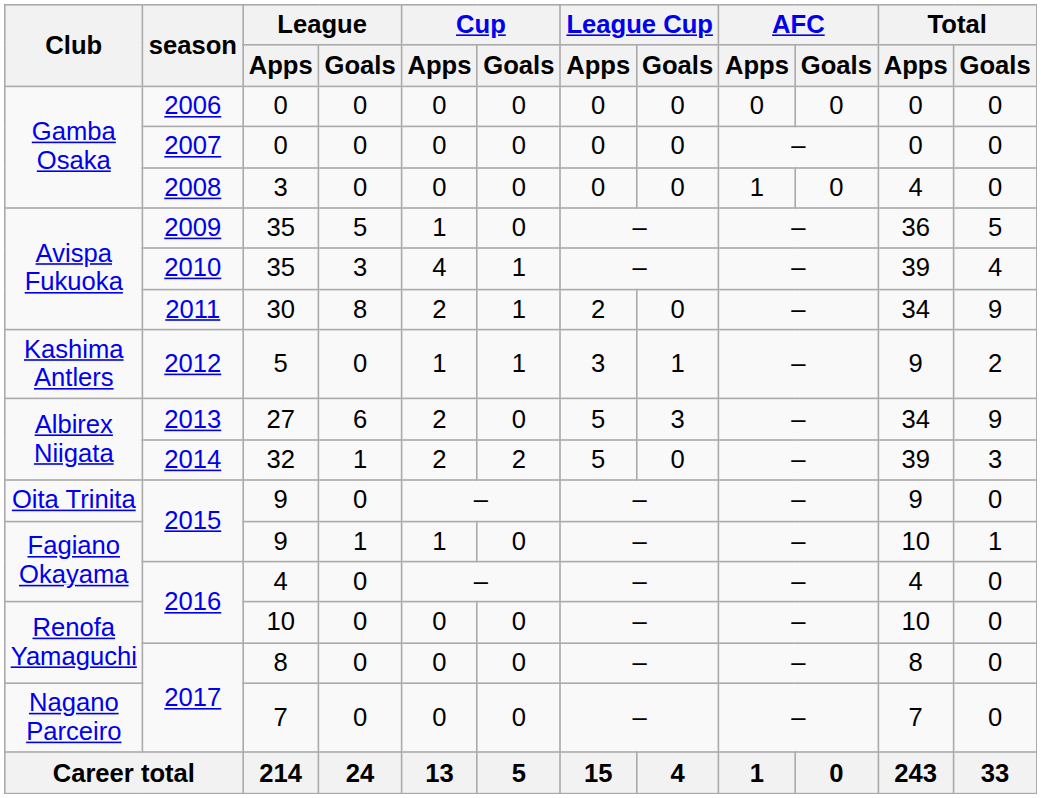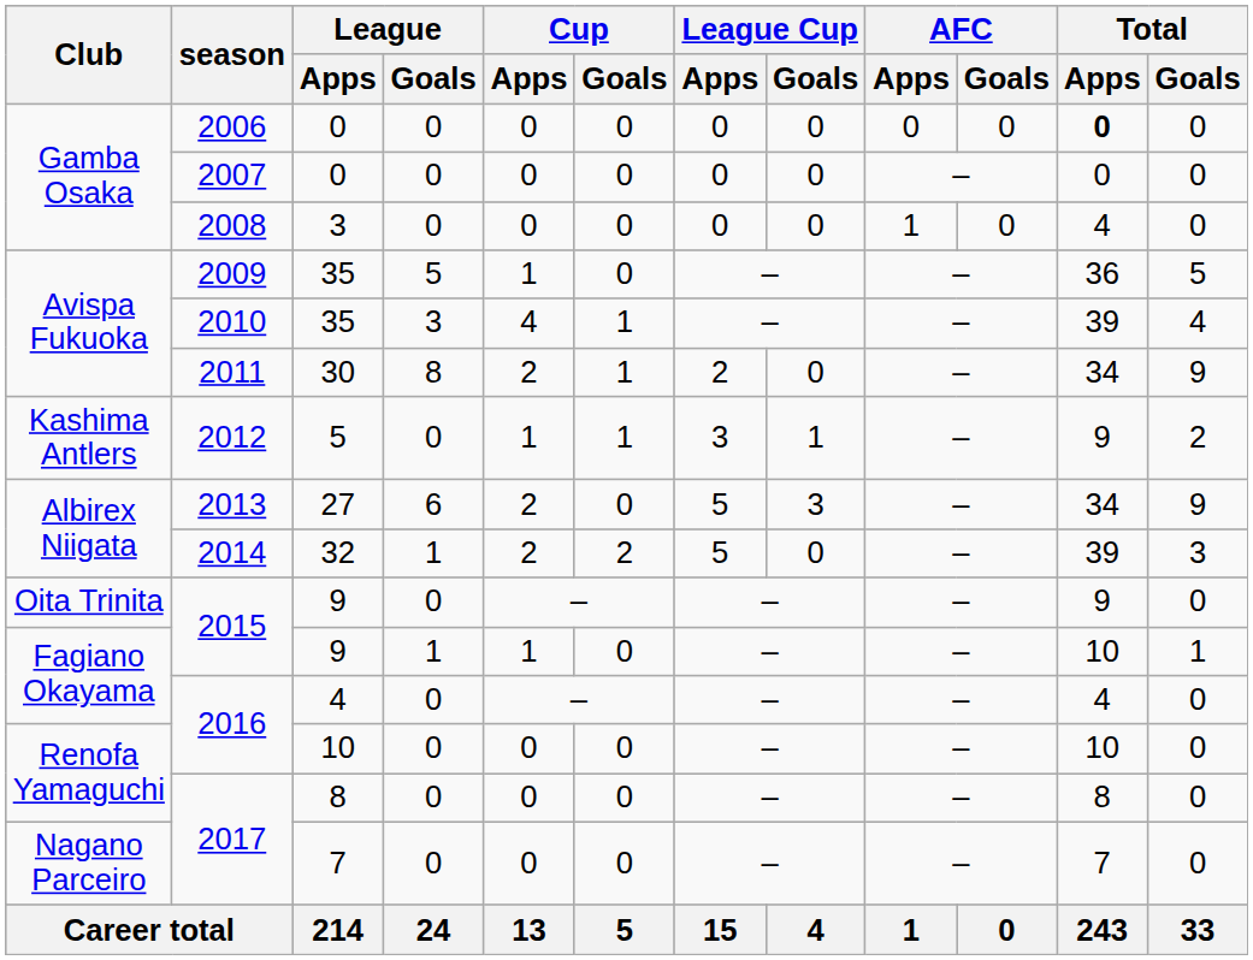 <table class="wikitable" style="text-align: center">
 <tr>
 <th rowspan="2">Club</th>
 <th rowspan="2">season</th>
 <th Colspan="2">League</th>
 <th Colspan="2"><a href='#'>Cup</a></th>
 <th Colspan="2"><a href='#'>League Cup</a></th>
 <th Colspan="2"><a href='#'>AFC</a></th>
 <th Colspan="2">Total</th>
 </tr>
 <tr>
 <th>Apps</th>
 <th>Goals</th>
 <th>Apps</th>
 <th>Goals</th>
 <th>Apps</th>
 <th>Goals</th>
 <th>Apps</th>
 <th>Goals</th>
 <th>Apps</th>
 <th>Goals</th>
 </tr>
 <tr>
 <td rowspan="3"><a href='#'>Gamba Osaka</a></td>
 <td><a href='#'>2006</a></td>
 <td>0</td>
 <td>0</td>
 <td>0</td>
 <td>0</td>
 <td>0</td>
 <td>0</td>
 <td>0</td>
 <td>0</td>
-<td>0</td>
+<td><strong>0</strong></td>
 <td>0</td>
 </tr>
 <tr>
 <td><a href='#'>2007</a></td>
 <td>0</td>
 <td>0</td>
 <td>0</td>
 <td>0</td>
 <td>0</td>
 <td>0</td>
 <td colspan="2">–</td>
 <td>0</td>
 <td>0</td>
 </tr>
 <tr>
 <td><a href='#'>2008</a></td>
 <td>3</td>
 <td>0</td>
 <td>0</td>
 <td>0</td>
 <td>0</td>
 <td>0</td>
 <td>1</td>
 <td>0</td>
 <td>4</td>
 <td>0</td>
 </tr>
 <tr>
 <td rowspan="3"><a href='#'>Avispa Fukuoka</a></td>
 <td><a href='#'>2009</a></td>
 <td>35</td>
 <td>5</td>
 <td>1</td>
 <td>0</td>
 <td colspan="2">–</td>
 <td colspan="2">–</td>
 <td>36</td>
 <td>5</td>
 </tr>
 <tr>
 <td><a href='#'>2010</a></td>
 <td>35</td>
 <td>3</td>
 <td>4</td>
 <td>1</td>
 <td colspan="2">–</td>
 <td colspan="2">–</td>
 <td>39</td>
 <td>4</td>
 </tr>
 <tr>
 <td><a href='#'>2011</a></td>
 <td>30</td>
 <td>8</td>
 <td>2</td>
 <td>1</td>
 <td>2</td>
 <td>0</td>
 <td colspan="2">–</td>
 <td>34</td>
 <td>9</td>
 </tr>
 <tr>
 <td><a href='#'>Kashima Antlers</a></td>
 <td><a href='#'>2012</a></td>
 <td>5</td>
 <td>0</td>
 <td>1</td>
 <td>1</td>
 <td>3</td>
 <td>1</td>
 <td colspan="2">–</td>
 <td>9</td>
 <td>2</td>
 </tr>
 <tr>
 <td rowspan="2"><a href='#'>Albirex Niigata</a></td>
 <td><a href='#'>2013</a></td>
 <td>27</td>
 <td>6</td>
 <td>2</td>
 <td>0</td>
 <td>5</td>
 <td>3</td>
 <td colspan="2">–</td>
 <td>34</td>
 <td>9</td>
 </tr>
 <tr>
 <td><a href='#'>2014</a></td>
 <td>32</td>
 <td>1</td>
 <td>2</td>
 <td>2</td>
 <td>5</td>
 <td>0</td>
 <td colspan="2">–</td>
 <td>39</td>
 <td>3</td>
 </tr>
 <tr>
 <td><a href='#'>Oita Trinita</a></td>
 <td rowspan="2"><a href='#'>2015</a></td>
 <td>9</td>
 <td>0</td>
 <td colspan="2">–</td>
 <td colspan="2">–</td>
 <td colspan="2">–</td>
 <td>9</td>
 <td>0</td>
 </tr>
 <tr>
 <td rowspan="2"><a href='#'>Fagiano Okayama</a></td>
 <td>9</td>
 <td>1</td>
 <td>1</td>
 <td>0</td>
 <td colspan="2">–</td>
 <td colspan="2">–</td>
 <td>10</td>
 <td>1</td>
 </tr>
 <tr>
 <td rowspan="2"><a href='#'>2016</a></td>
 <td>4</td>
 <td>0</td>
 <td colspan="2">–</td>
 <td colspan="2">–</td>
 <td colspan="2">–</td>
 <td>4</td>
 <td>0</td>
 </tr>
 <tr>
 <td rowspan="2"><a href='#'>Renofa Yamaguchi</a></td>
 <td>10</td>
 <td>0</td>
 <td>0</td>
 <td>0</td>
 <td colspan="2">–</td>
 <td colspan="2">–</td>
 <td>10</td>
 <td>0</td>
 </tr>
 <tr>
 <td rowspan="2"><a href='#'>2017</a></td>
 <td>8</td>
 <td>0</td>
 <td>0</td>
 <td>0</td>
 <td colspan="2">–</td>
 <td colspan="2">–</td>
 <td>8</td>
 <td>0</td>
 </tr>
 <tr>
 <td rowspan="1"><a href='#'>Nagano Parceiro</a></td>
 <td>7</td>
 <td>0</td>
 <td>0</td>
 <td>0</td>
 <td colspan="2">–</td>
 <td colspan="2">–</td>
 <td>7</td>
 <td>0</td>
 </tr>
 <tr>
 <th colspan="2">Career total</th>
 <th>214</th>
 <th>24</th>
 <th>13</th>
 <th>5</th>
 <th>15</th>
 <th>4</th>
 <th>1</th>
 <th>0</th>
 <th>243</th>
 <th>33</th>
 </tr>
 </table>
